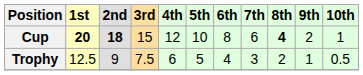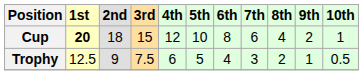 <table class="wikitable" style="font-size: 85%;">
 <tr>
 <th>Position</th>
 <td style="background-color:#ffffbf"><strong>1st</strong></td>
 <td style="background-color:#dfdfdf"><strong>2nd</strong></td>
 <td style="background-color:#ffdf9f"><strong>3rd</strong></td>
 <td style="background-color:#dfffdf"><strong>4th</strong></td>
 <td style="background-color:#dfffdf"><strong>5th</strong></td>
 <td style="background-color:#dfffdf"><strong>6th</strong></td>
 <td style="background-color:#dfffdf"><strong>7th</strong></td>
 <td style="background-color:#dfffdf"><strong>8th</strong></td>
 <td style="background-color:#dfffdf"><strong>9th</strong></td>
 <td style="background-color:#dfffdf"><strong>10th</strong></td>
 </tr>
 <tr>
 <th>Cup</th>
 <td style="background-color:#ffffbf" align="center"><strong>20</strong></td>
-<td style="background-color:#dfdfdf" align="center"><strong>18</strong></td>
+<td style="background-color:#dfdfdf" align="center">18</td>
 <td style="background-color:#ffdf9f" align="center">15</td>
 <td style="background-color:#dfffdf" align="center">12</td>
 <td style="background-color:#dfffdf" align="center">10</td>
 <td style="background-color:#dfffdf" align="center">8</td>
 <td style="background-color:#dfffdf" align="center">6</td>
-<td style="background-color:#dfffdf" align="center"><strong>4</strong></td>
+<td style="background-color:#dfffdf" align="center">4</td>
 <td style="background-color:#dfffdf" align="center">2</td>
 <td style="background-color:#dfffdf" align="center">1</td>
 </tr>
 <tr>
 <th>Trophy</th>
 <td style="background-color:#ffffbf" align="center">12.5</td>
 <td style="background-color:#dfdfdf" align="center">9</td>
 <td style="background-color:#ffdf9f" align="center">7.5</td>
 <td style="background-color:#dfffdf" align="center">6</td>
 <td style="background-color:#dfffdf" align="center">5</td>
 <td style="background-color:#dfffdf" align="center">4</td>
 <td style="background-color:#dfffdf" align="center">3</td>
 <td style="background-color:#dfffdf" align="center">2</td>
 <td style="background-color:#dfffdf" align="center">1</td>
 <td style="background-color:#dfffdf" align="center">0.5</td>
 </tr>
 <tr>
 </tr>
 </table>
